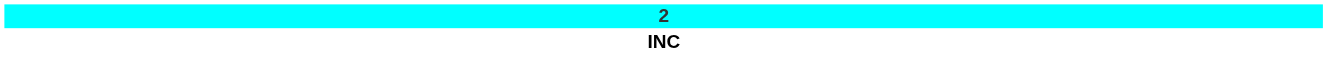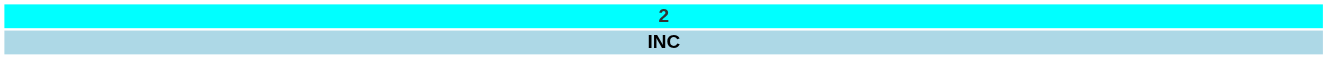 <table style="width:88%; text-align:center;">
 <tr style="color:white;">
 <td style="background:aqua; color:#333; width:100%;"><strong>2</strong></td>
 </tr>
 <tr>
-<td><span><strong>INC</strong></span></td>
+<td style="background: lightblue;"><span><strong>INC</strong></span></td>
 </tr>
 </table>
